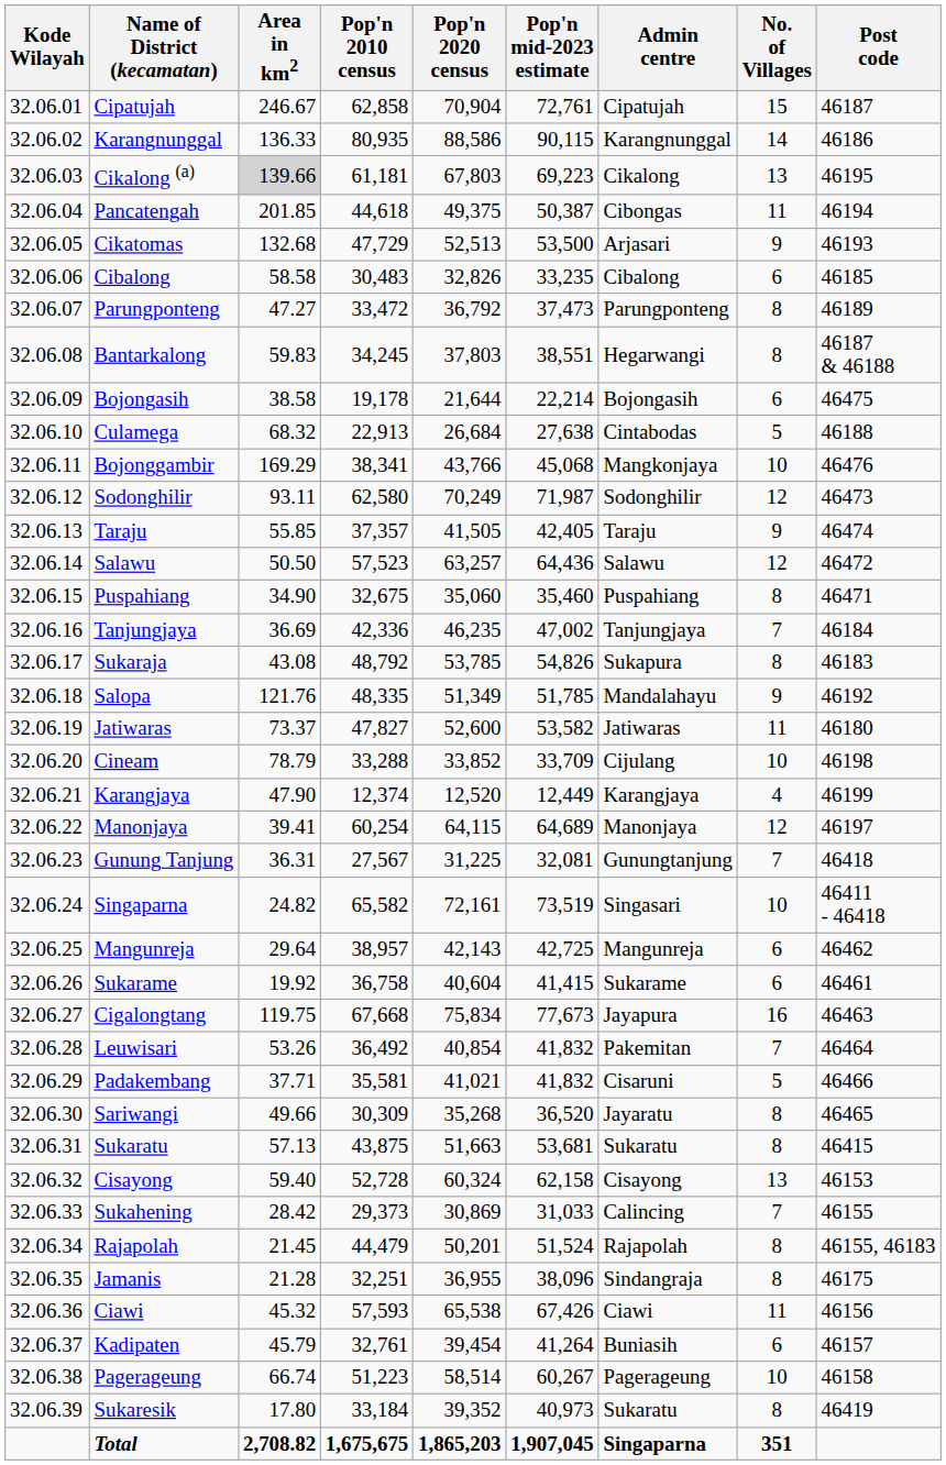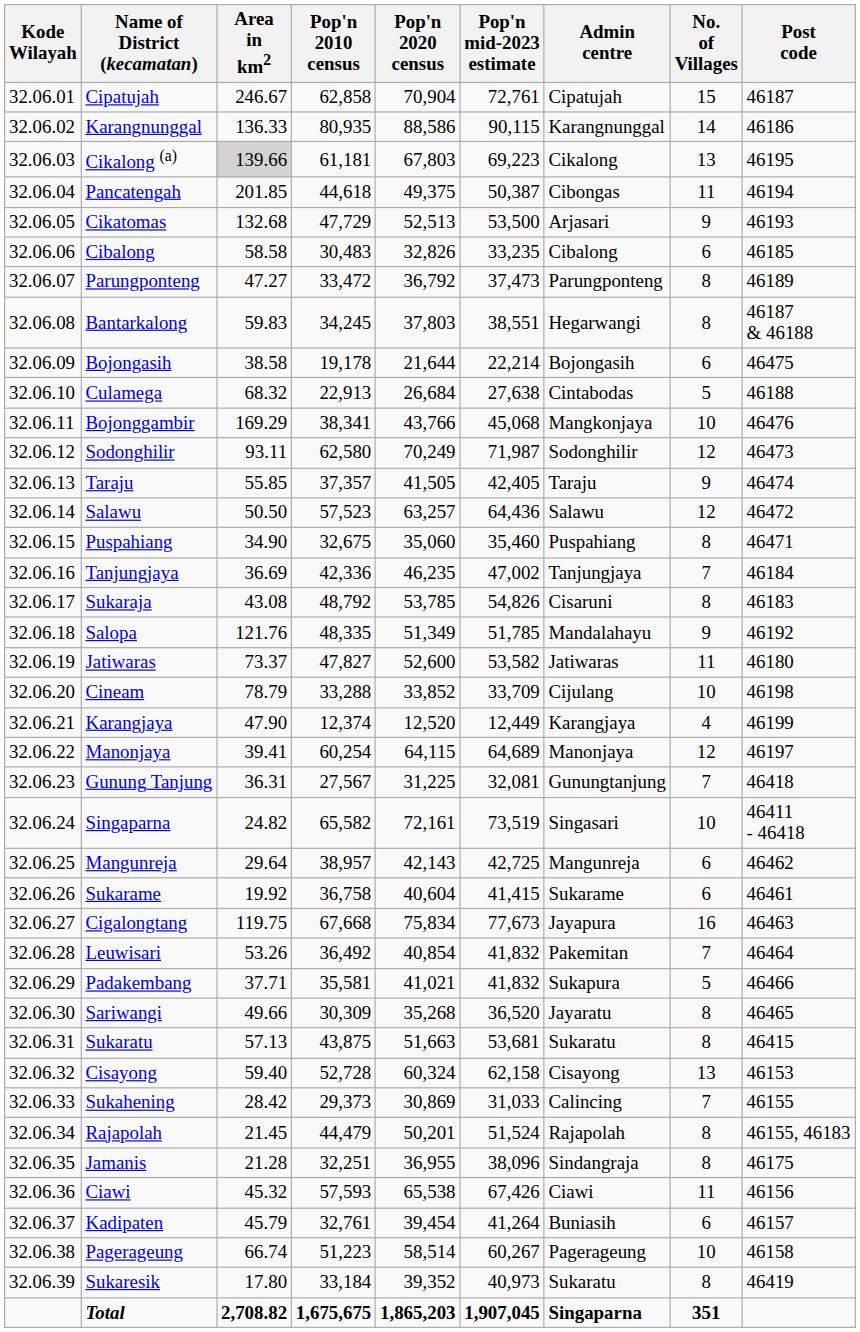 <table class="sortable wikitable">
 <tr>
 <th>Kode <br>Wilayah</th>
 <th>Name of<br>District<br>(<em>kecamatan</em>)</th>
 <th>Area<br>in <br>km<sup>2</sup></th>
 <th>Pop'n<br>2010<br>census</th>
 <th>Pop'n<br>2020<br>census</th>
 <th>Pop'n<br> mid-2023 <br>estimate</th>
 <th>Admin<br>centre</th>
 <th>No.<br>of<br> Villages</th>
 <th>Post<br>code</th>
 </tr>
 <tr>
 <td>32.06.01</td>
 <td><a href='#'>Cipatujah</a></td>
 <td align="right">246.67</td>
 <td align="right">62,858</td>
 <td align="right">70,904</td>
 <td align="right">72,761</td>
 <td>Cipatujah</td>
 <td align="center">15</td>
 <td>46187</td>
 </tr>
 <tr>
 <td>32.06.02</td>
 <td><a href='#'>Karangnunggal</a></td>
 <td align="right">136.33</td>
 <td align="right">80,935</td>
 <td align="right">88,586</td>
 <td align="right">90,115</td>
 <td>Karangnunggal</td>
 <td align="center">14</td>
 <td>46186</td>
 </tr>
 <tr>
 <td>32.06.03</td>
 <td><a href='#'>Cikalong</a> <sup>(a)</sup></td>
 <td align="right" style="background: lightgrey;">139.66</td>
 <td align="right">61,181</td>
 <td align="right">67,803</td>
 <td align="right">69,223</td>
 <td>Cikalong</td>
 <td align="center">13</td>
 <td>46195</td>
 </tr>
 <tr>
 <td>32.06.04</td>
 <td><a href='#'>Pancatengah</a></td>
 <td align="right">201.85</td>
 <td align="right">44,618</td>
 <td align="right">49,375</td>
 <td align="right">50,387</td>
 <td>Cibongas</td>
 <td align="center">11</td>
 <td>46194</td>
 </tr>
 <tr>
 <td>32.06.05</td>
 <td><a href='#'>Cikatomas</a></td>
 <td align="right">132.68</td>
 <td align="right">47,729</td>
 <td align="right">52,513</td>
 <td align="right">53,500</td>
 <td>Arjasari</td>
 <td align="center">9</td>
 <td>46193</td>
 </tr>
 <tr>
 <td>32.06.06</td>
 <td><a href='#'>Cibalong</a></td>
 <td align="right">58.58</td>
 <td align="right">30,483</td>
 <td align="right">32,826</td>
 <td align="right">33,235</td>
 <td>Cibalong</td>
 <td align="center">6</td>
 <td>46185</td>
 </tr>
 <tr>
 <td>32.06.07</td>
 <td><a href='#'>Parungponteng</a></td>
 <td align="right">47.27</td>
 <td align="right">33,472</td>
 <td align="right">36,792</td>
 <td align="right">37,473</td>
 <td>Parungponteng</td>
 <td align="center">8</td>
 <td>46189</td>
 </tr>
 <tr>
 <td>32.06.08</td>
 <td><a href='#'>Bantarkalong</a></td>
 <td align="right">59.83</td>
 <td align="right">34,245</td>
 <td align="right">37,803</td>
 <td align="right">38,551</td>
 <td>Hegarwangi</td>
 <td align="center">8</td>
 <td>46187<br>& 46188</td>
 </tr>
 <tr>
 <td>32.06.09</td>
 <td><a href='#'>Bojongasih</a></td>
 <td align="right">38.58</td>
 <td align="right">19,178</td>
 <td align="right">21,644</td>
 <td align="right">22,214</td>
 <td>Bojongasih</td>
 <td align="center">6</td>
 <td>46475</td>
 </tr>
 <tr>
 <td>32.06.10</td>
 <td><a href='#'>Culamega</a></td>
 <td align="right">68.32</td>
 <td align="right">22,913</td>
 <td align="right">26,684</td>
 <td align="right">27,638</td>
 <td>Cintabodas</td>
 <td align="center">5</td>
 <td>46188</td>
 </tr>
 <tr>
 <td>32.06.11</td>
 <td><a href='#'>Bojonggambir</a></td>
 <td align="right">169.29</td>
 <td align="right">38,341</td>
 <td align="right">43,766</td>
 <td align="right">45,068</td>
 <td>Mangkonjaya</td>
 <td align="center">10</td>
 <td>46476</td>
 </tr>
 <tr>
 <td>32.06.12</td>
 <td><a href='#'>Sodonghilir</a></td>
 <td align="right">93.11</td>
 <td align="right">62,580</td>
 <td align="right">70,249</td>
 <td align="right">71,987</td>
 <td>Sodonghilir</td>
 <td align="center">12</td>
 <td>46473</td>
 </tr>
 <tr>
 <td>32.06.13</td>
 <td><a href='#'>Taraju</a></td>
 <td align="right">55.85</td>
 <td align="right">37,357</td>
 <td align="right">41,505</td>
 <td align="right">42,405</td>
 <td>Taraju</td>
 <td align="center">9</td>
 <td>46474</td>
 </tr>
 <tr>
 <td>32.06.14</td>
 <td><a href='#'>Salawu</a></td>
 <td align="right">50.50</td>
 <td align="right">57,523</td>
 <td align="right">63,257</td>
 <td align="right">64,436</td>
 <td>Salawu</td>
 <td align="center">12</td>
 <td>46472</td>
 </tr>
 <tr>
 <td>32.06.15</td>
 <td><a href='#'>Puspahiang</a></td>
 <td align="right">34.90</td>
 <td align="right">32,675</td>
 <td align="right">35,060</td>
 <td align="right">35,460</td>
 <td>Puspahiang</td>
 <td align="center">8</td>
 <td>46471</td>
 </tr>
 <tr>
 <td>32.06.16</td>
 <td><a href='#'>Tanjungjaya</a></td>
 <td align="right">36.69</td>
 <td align="right">42,336</td>
 <td align="right">46,235</td>
 <td align="right">47,002</td>
 <td>Tanjungjaya</td>
 <td align="center">7</td>
 <td>46184</td>
 </tr>
 <tr>
 <td>32.06.17</td>
 <td><a href='#'>Sukaraja</a></td>
 <td align="right">43.08</td>
 <td align="right">48,792</td>
 <td align="right">53,785</td>
 <td align="right">54,826</td>
-<td>Sukapura</td>
+<td>Cisaruni</td>
 <td align="center">8</td>
 <td>46183</td>
 </tr>
 <tr>
 <td>32.06.18</td>
 <td><a href='#'>Salopa</a></td>
 <td align="right">121.76</td>
 <td align="right">48,335</td>
 <td align="right">51,349</td>
 <td align="right">51,785</td>
 <td>Mandalahayu</td>
 <td align="center">9</td>
 <td>46192</td>
 </tr>
 <tr>
 <td>32.06.19</td>
 <td><a href='#'>Jatiwaras</a></td>
 <td align="right">73.37</td>
 <td align="right">47,827</td>
 <td align="right">52,600</td>
 <td align="right">53,582</td>
 <td>Jatiwaras</td>
 <td align="center">11</td>
 <td>46180</td>
 </tr>
 <tr>
 <td>32.06.20</td>
 <td><a href='#'>Cineam</a></td>
 <td align="right">78.79</td>
 <td align="right">33,288</td>
 <td align="right">33,852</td>
 <td align="right">33,709</td>
 <td>Cijulang</td>
 <td align="center">10</td>
 <td>46198</td>
 </tr>
 <tr>
 <td>32.06.21</td>
 <td><a href='#'>Karangjaya</a></td>
 <td align="right">47.90</td>
 <td align="right">12,374</td>
 <td align="right">12,520</td>
 <td align="right">12,449</td>
 <td>Karangjaya</td>
 <td align="center">4</td>
 <td>46199</td>
 </tr>
 <tr>
 <td>32.06.22</td>
 <td><a href='#'>Manonjaya</a></td>
 <td align="right">39.41</td>
 <td align="right">60,254</td>
 <td align="right">64,115</td>
 <td align="right">64,689</td>
 <td>Manonjaya</td>
 <td align="center">12</td>
 <td>46197</td>
 </tr>
 <tr>
 <td>32.06.23</td>
 <td><a href='#'>Gunung Tanjung</a></td>
 <td align="right">36.31</td>
 <td align="right">27,567</td>
 <td align="right">31,225</td>
 <td align="right">32,081</td>
 <td>Gunungtanjung</td>
 <td align="center">7</td>
 <td>46418</td>
 </tr>
 <tr>
 <td>32.06.24</td>
 <td><a href='#'>Singaparna</a></td>
 <td align="right">24.82</td>
 <td align="right">65,582</td>
 <td align="right">72,161</td>
 <td align="right">73,519</td>
 <td>Singasari</td>
 <td align="center">10</td>
 <td>46411<br>- 46418</td>
 </tr>
 <tr>
 <td>32.06.25</td>
 <td><a href='#'>Mangunreja</a></td>
 <td align="right">29.64</td>
 <td align="right">38,957</td>
 <td align="right">42,143</td>
 <td align="right">42,725</td>
 <td>Mangunreja</td>
 <td align="center">6</td>
 <td>46462</td>
 </tr>
 <tr>
 <td>32.06.26</td>
 <td><a href='#'>Sukarame</a></td>
 <td align="right">19.92</td>
 <td align="right">36,758</td>
 <td align="right">40,604</td>
 <td align="right">41,415</td>
 <td>Sukarame</td>
 <td align="center">6</td>
 <td>46461</td>
 </tr>
 <tr>
 <td>32.06.27</td>
 <td><a href='#'>Cigalongtang</a></td>
 <td align="right">119.75</td>
 <td align="right">67,668</td>
 <td align="right">75,834</td>
 <td align="right">77,673</td>
 <td>Jayapura</td>
 <td align="center">16</td>
 <td>46463</td>
 </tr>
 <tr>
 <td>32.06.28</td>
 <td><a href='#'>Leuwisari</a></td>
 <td align="right">53.26</td>
 <td align="right">36,492</td>
 <td align="right">40,854</td>
 <td align="right">41,832</td>
 <td>Pakemitan</td>
 <td align="center">7</td>
 <td>46464</td>
 </tr>
 <tr>
 <td>32.06.29</td>
 <td><a href='#'>Padakembang</a></td>
 <td align="right">37.71</td>
 <td align="right">35,581</td>
 <td align="right">41,021</td>
 <td align="right">41,832</td>
-<td>Cisaruni</td>
+<td>Sukapura</td>
 <td align="center">5</td>
 <td>46466</td>
 </tr>
 <tr>
 <td>32.06.30</td>
 <td><a href='#'>Sariwangi</a></td>
 <td align="right">49.66</td>
 <td align="right">30,309</td>
 <td align="right">35,268</td>
 <td align="right">36,520</td>
 <td>Jayaratu</td>
 <td align="center">8</td>
 <td>46465</td>
 </tr>
 <tr>
 <td>32.06.31</td>
 <td><a href='#'>Sukaratu</a></td>
 <td align="right">57.13</td>
 <td align="right">43,875</td>
 <td align="right">51,663</td>
 <td align="right">53,681</td>
 <td>Sukaratu</td>
 <td align="center">8</td>
 <td>46415</td>
 </tr>
 <tr>
 <td>32.06.32</td>
 <td><a href='#'>Cisayong</a></td>
 <td align="right">59.40</td>
 <td align="right">52,728</td>
 <td align="right">60,324</td>
 <td align="right">62,158</td>
 <td>Cisayong</td>
 <td align="center">13</td>
 <td>46153</td>
 </tr>
 <tr>
 <td>32.06.33</td>
 <td><a href='#'>Sukahening</a></td>
 <td align="right">28.42</td>
 <td align="right">29,373</td>
 <td align="right">30,869</td>
 <td align="right">31,033</td>
 <td>Calincing</td>
 <td align="center">7</td>
 <td>46155</td>
 </tr>
 <tr>
 <td>32.06.34</td>
 <td><a href='#'>Rajapolah</a></td>
 <td align="right">21.45</td>
 <td align="right">44,479</td>
 <td align="right">50,201</td>
 <td align="right">51,524</td>
 <td>Rajapolah</td>
 <td align="center">8</td>
 <td>46155, 46183</td>
 </tr>
 <tr>
 <td>32.06.35</td>
 <td><a href='#'>Jamanis</a></td>
 <td align="right">21.28</td>
 <td align="right">32,251</td>
 <td align="right">36,955</td>
 <td align="right">38,096</td>
 <td>Sindangraja</td>
 <td align="center">8</td>
 <td>46175</td>
 </tr>
 <tr>
 <td>32.06.36</td>
 <td><a href='#'>Ciawi</a></td>
 <td align="right">45.32</td>
 <td align="right">57,593</td>
 <td align="right">65,538</td>
 <td align="right">67,426</td>
 <td>Ciawi</td>
 <td align="center">11</td>
 <td>46156</td>
 </tr>
 <tr>
 <td>32.06.37</td>
 <td><a href='#'>Kadipaten</a></td>
 <td align="right">45.79</td>
 <td align="right">32,761</td>
 <td align="right">39,454</td>
 <td align="right">41,264</td>
 <td>Buniasih</td>
 <td align="center">6</td>
 <td>46157</td>
 </tr>
 <tr>
 <td>32.06.38</td>
 <td><a href='#'>Pagerageung</a></td>
 <td align="right">66.74</td>
 <td align="right">51,223</td>
 <td align="right">58,514</td>
 <td align="right">60,267</td>
 <td>Pagerageung</td>
 <td align="center">10</td>
 <td>46158</td>
 </tr>
 <tr>
 <td>32.06.39</td>
 <td><a href='#'>Sukaresik</a></td>
 <td align="right">17.80</td>
 <td align="right">33,184</td>
 <td align="right">39,352</td>
 <td align="right">40,973</td>
 <td>Sukaratu</td>
 <td align="center">8</td>
 <td>46419</td>
 </tr>
 <tr>
 <td></td>
 <td><strong><em>Total</em></strong></td>
 <td align="right"><strong>2,708.82</strong></td>
 <td align="right"><strong>1,675,675</strong></td>
 <td align="right"><strong>1,865,203</strong></td>
 <td align="right"><strong>1,907,045</strong></td>
 <td><strong>Singaparna</strong></td>
 <td align="center"><strong>351</strong></td>
 <td></td>
 </tr>
 </table>
